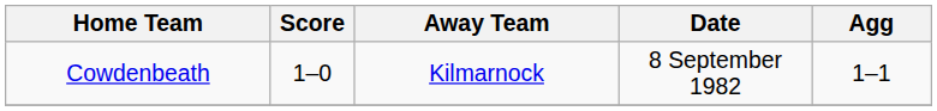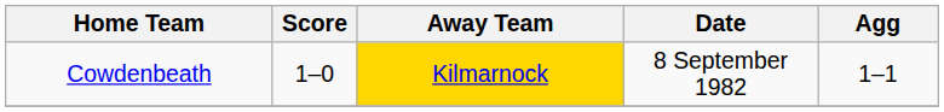 <table class="wikitable" style="text-align:center;">
 <tr>
 <th width=175>Home Team</th>
 <th width=50>Score</th>
 <th width=175>Away Team</th>
 <th width= 125>Date</th>
 <th width= 75>Agg</th>
 </tr>
 <tr>
 <td><a href='#'>Cowdenbeath</a></td>
 <td>1–0</td>
-<td><a href='#'>Kilmarnock</a></td>
+<td style="background: gold;"><a href='#'>Kilmarnock</a></td>
 <td>8 September 1982</td>
 <td>1–1</td>
 </tr>
 <tr>
 </tr>
 </table>
